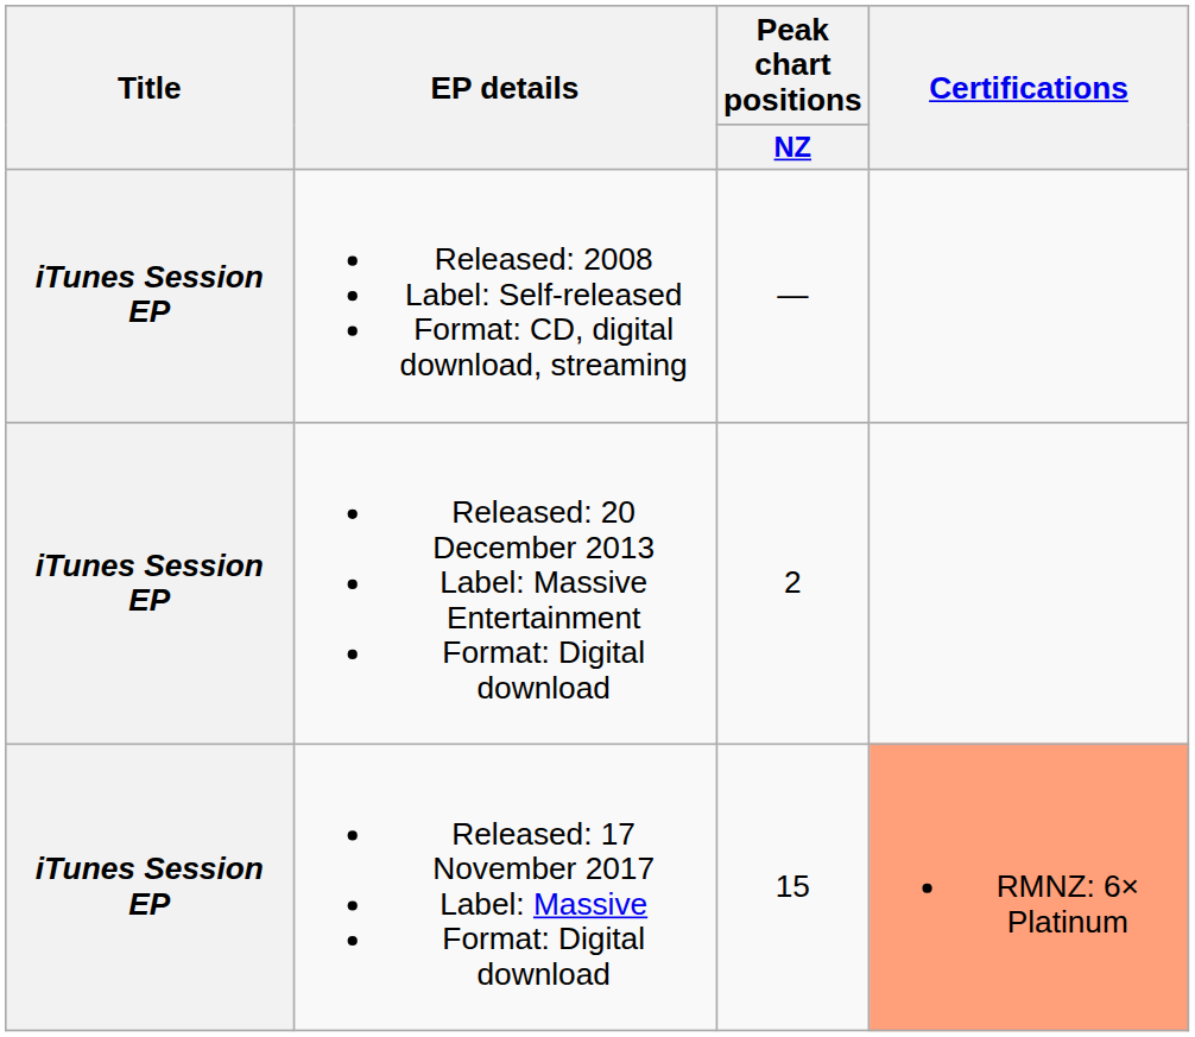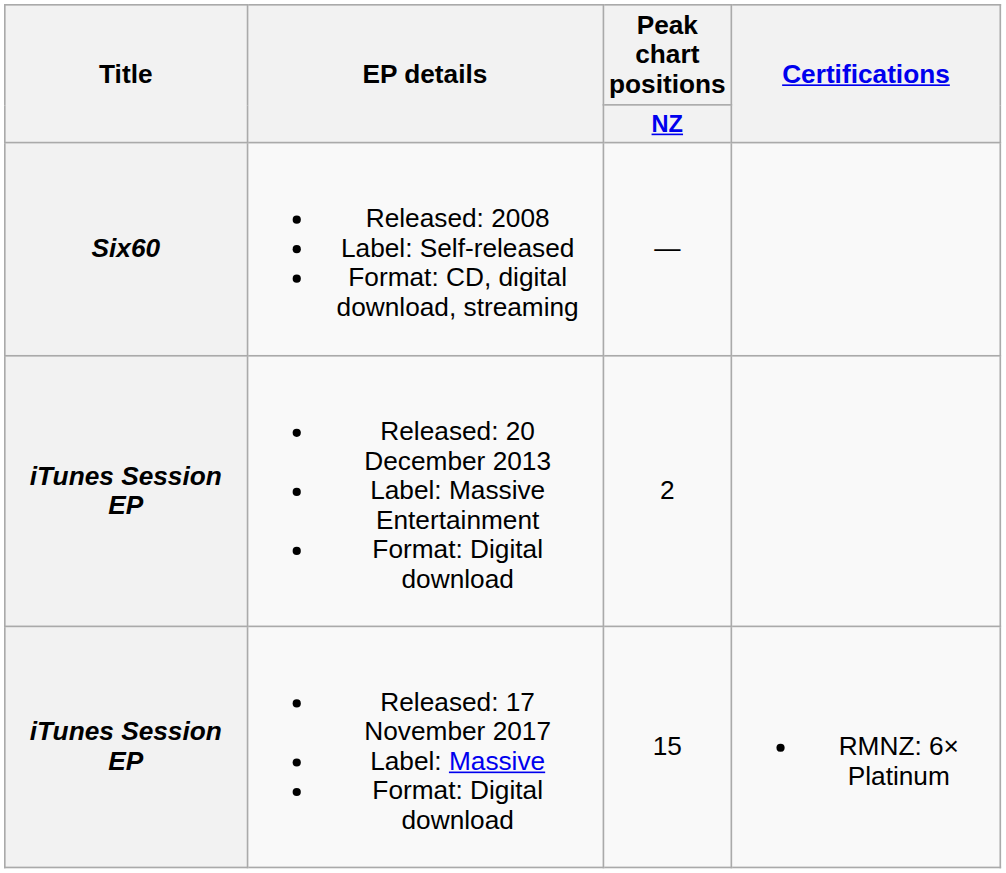 <table class="wikitable plainrowheaders" style="text-align:center;">
 <tr>
 <th scope="col" rowspan="2" style="width:12em;">Title</th>
 <th scope="col" rowspan="2" style="width:16em;">EP details</th>
 <th scope="col" colspan="1">Peak chart positions</th>
 <th scope="col" rowspan="2" style="width:12em;"><a href='#'>Certifications</a></th>
 </tr>
 <tr>
 <th scope="col" style="width:3em;font-size:90%;"><a href='#'>NZ</a><br></th>
 </tr>
 <tr>
-<th scope="row"><em>iTunes Session EP</em></th>
+<th scope="row"><em>Six60</em></th>
 <td><br><ul><li>Released: 2008</li><li>Label: Self-released</li><li>Format: CD, digital download, streaming</li></ul></td>
 <td>—</td>
 <td></td>
 </tr>
 <tr>
 <th scope="row"><em>iTunes Session EP</em></th>
 <td><br><ul><li>Released: 20 December 2013</li><li>Label: Massive Entertainment</li><li>Format: Digital download</li></ul></td>
 <td>2</td>
 <td></td>
 </tr>
 <tr>
 <th scope="row"><em>iTunes Session EP</em></th>
 <td><br><ul><li>Released: 17 November 2017</li><li>Label: <a href='#'>Massive</a></li><li>Format: Digital download</li></ul></td>
 <td>15</td>
-<td style="background: lightsalmon;"><br><ul><li>RMNZ: 6× Platinum</li></ul></td>
+<td><br><ul><li>RMNZ: 6× Platinum</li></ul></td>
 </tr>
 </table>
